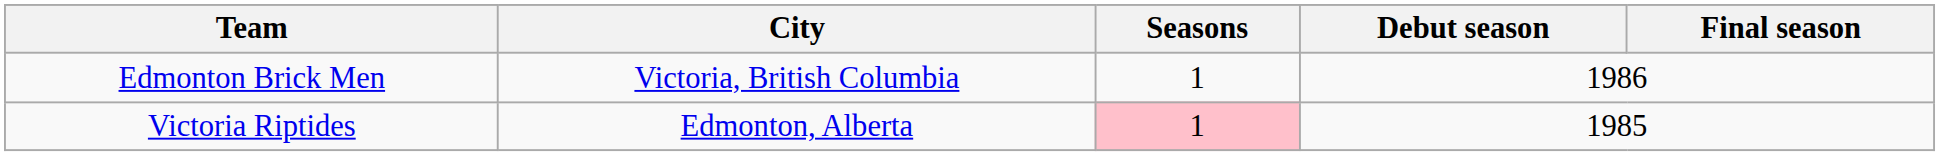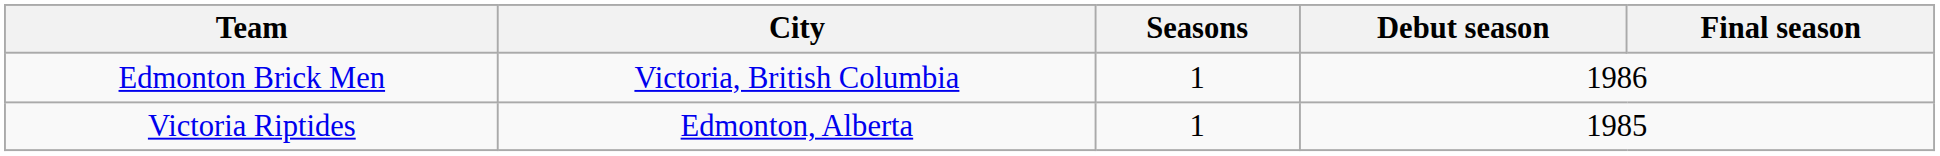 <table class="wikitable sortable" style="text-align: center; width:80%">
 <tr>
 <th>Team</th>
 <th>City</th>
 <th>Seasons</th>
 <th>Debut season</th>
 <th>Final season</th>
 </tr>
 <tr>
 <td><a href='#'>Edmonton Brick Men</a></td>
 <td><a href='#'>Victoria, British Columbia</a></td>
 <td>1</td>
 <td colspan=2>1986</td>
 </tr>
 <tr>
 <td><a href='#'>Victoria Riptides</a></td>
 <td><a href='#'>Edmonton, Alberta</a></td>
-<td style="background: pink;">1</td>
+<td>1</td>
 <td colspan=2>1985</td>
 </tr>
 </table>
